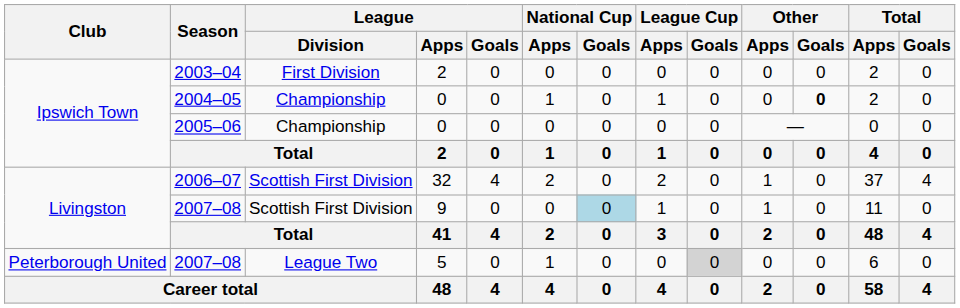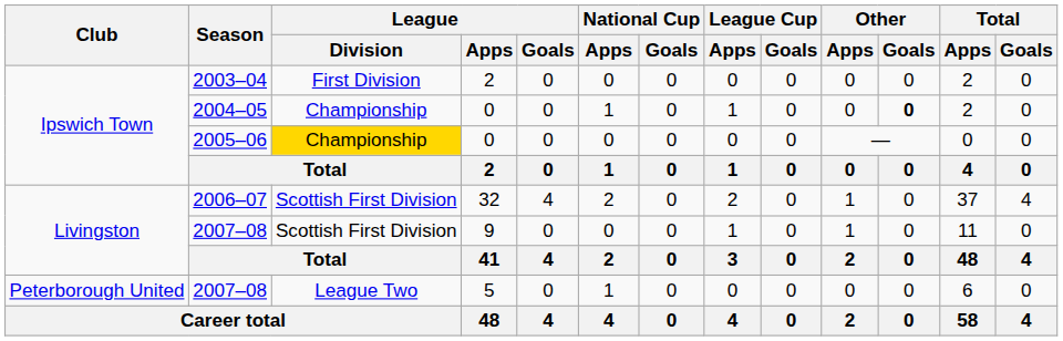 <table class=wikitable style="text-align:center;">
 <tr>
 <th rowspan=2>Club</th>
 <th rowspan=2>Season</th>
 <th colspan=3>League</th>
 <th colspan=2>National Cup</th>
 <th colspan=2>League Cup</th>
 <th colspan=2>Other</th>
 <th colspan=2>Total</th>
 </tr>
 <tr>
 <th>Division</th>
 <th>Apps</th>
 <th>Goals</th>
 <th>Apps</th>
 <th>Goals</th>
 <th>Apps</th>
 <th>Goals</th>
 <th>Apps</th>
 <th>Goals</th>
 <th>Apps</th>
 <th>Goals</th>
 </tr>
 <tr>
 <td rowspan=4><a href='#'>Ipswich Town</a></td>
 <td><a href='#'>2003–04</a></td>
 <td><a href='#'>First Division</a></td>
 <td>2</td>
 <td>0</td>
 <td>0</td>
 <td>0</td>
 <td>0</td>
 <td>0</td>
 <td>0</td>
 <td>0</td>
 <td>2</td>
 <td>0</td>
 </tr>
 <tr>
 <td><a href='#'>2004–05</a></td>
 <td><a href='#'>Championship</a></td>
 <td>0</td>
 <td>0</td>
 <td>1</td>
 <td>0</td>
 <td>1</td>
 <td>0</td>
 <td>0</td>
 <td><strong>0</strong></td>
 <td>2</td>
 <td>0</td>
 </tr>
 <tr>
 <td><a href='#'>2005–06</a></td>
-<td>Championship</td>
+<td style="background: gold;">Championship</td>
 <td>0</td>
 <td>0</td>
 <td>0</td>
 <td>0</td>
 <td>0</td>
 <td>0</td>
 <td colspan="2">—</td>
 <td>0</td>
 <td>0</td>
 </tr>
 <tr>
 <th colspan=2>Total</th>
 <th>2</th>
 <th>0</th>
 <th>1</th>
 <th>0</th>
 <th>1</th>
 <th>0</th>
 <th>0</th>
 <th>0</th>
 <th>4</th>
 <th>0</th>
 </tr>
 <tr>
 <td rowspan=3><a href='#'>Livingston</a></td>
 <td><a href='#'>2006–07</a></td>
 <td><a href='#'>Scottish First Division</a></td>
 <td>32</td>
 <td>4</td>
 <td>2</td>
 <td>0</td>
 <td>2</td>
 <td>0</td>
 <td>1</td>
 <td>0</td>
 <td>37</td>
 <td>4</td>
 </tr>
 <tr>
 <td><a href='#'>2007–08</a></td>
 <td>Scottish First Division</td>
 <td>9</td>
 <td>0</td>
 <td>0</td>
-<td style="background: lightblue;">0</td>
+<td>0</td>
 <td>1</td>
 <td>0</td>
 <td>1</td>
 <td>0</td>
 <td>11</td>
 <td>0</td>
 </tr>
 <tr>
 <th colspan=2>Total</th>
 <th>41</th>
 <th>4</th>
 <th>2</th>
 <th>0</th>
 <th>3</th>
 <th>0</th>
 <th>2</th>
 <th>0</th>
 <th>48</th>
 <th>4</th>
 </tr>
 <tr>
 <td><a href='#'>Peterborough United</a></td>
 <td><a href='#'>2007–08</a></td>
 <td><a href='#'>League Two</a></td>
 <td>5</td>
 <td>0</td>
 <td>1</td>
 <td>0</td>
 <td>0</td>
-<td style="background: lightgrey;">0</td>
+<td>0</td>
 <td>0</td>
 <td>0</td>
 <td>6</td>
 <td>0</td>
 </tr>
 <tr>
 <th colspan=3>Career total</th>
 <th>48</th>
 <th>4</th>
 <th>4</th>
 <th>0</th>
 <th>4</th>
 <th>0</th>
 <th>2</th>
 <th>0</th>
 <th>58</th>
 <th>4</th>
 </tr>
 </table>
